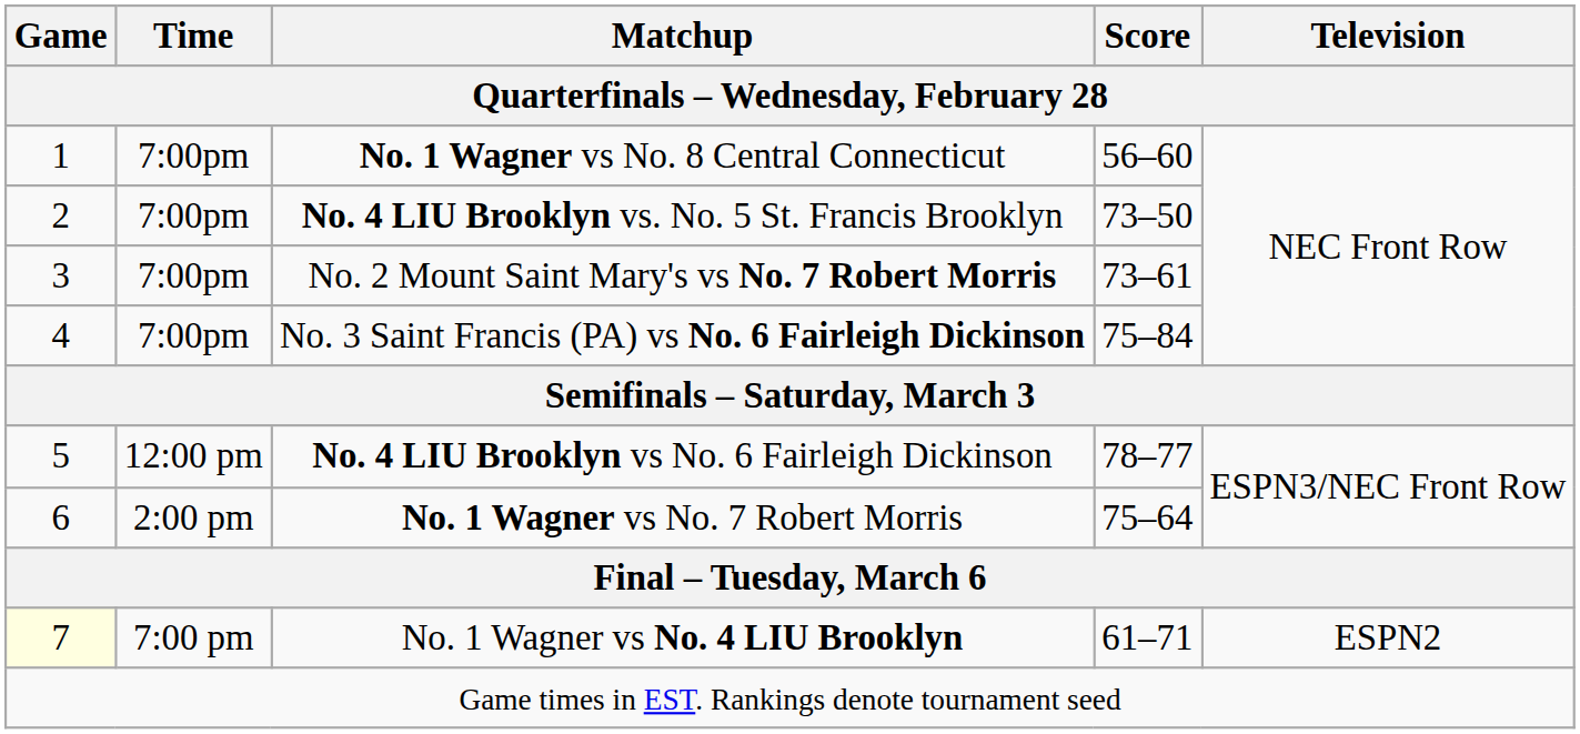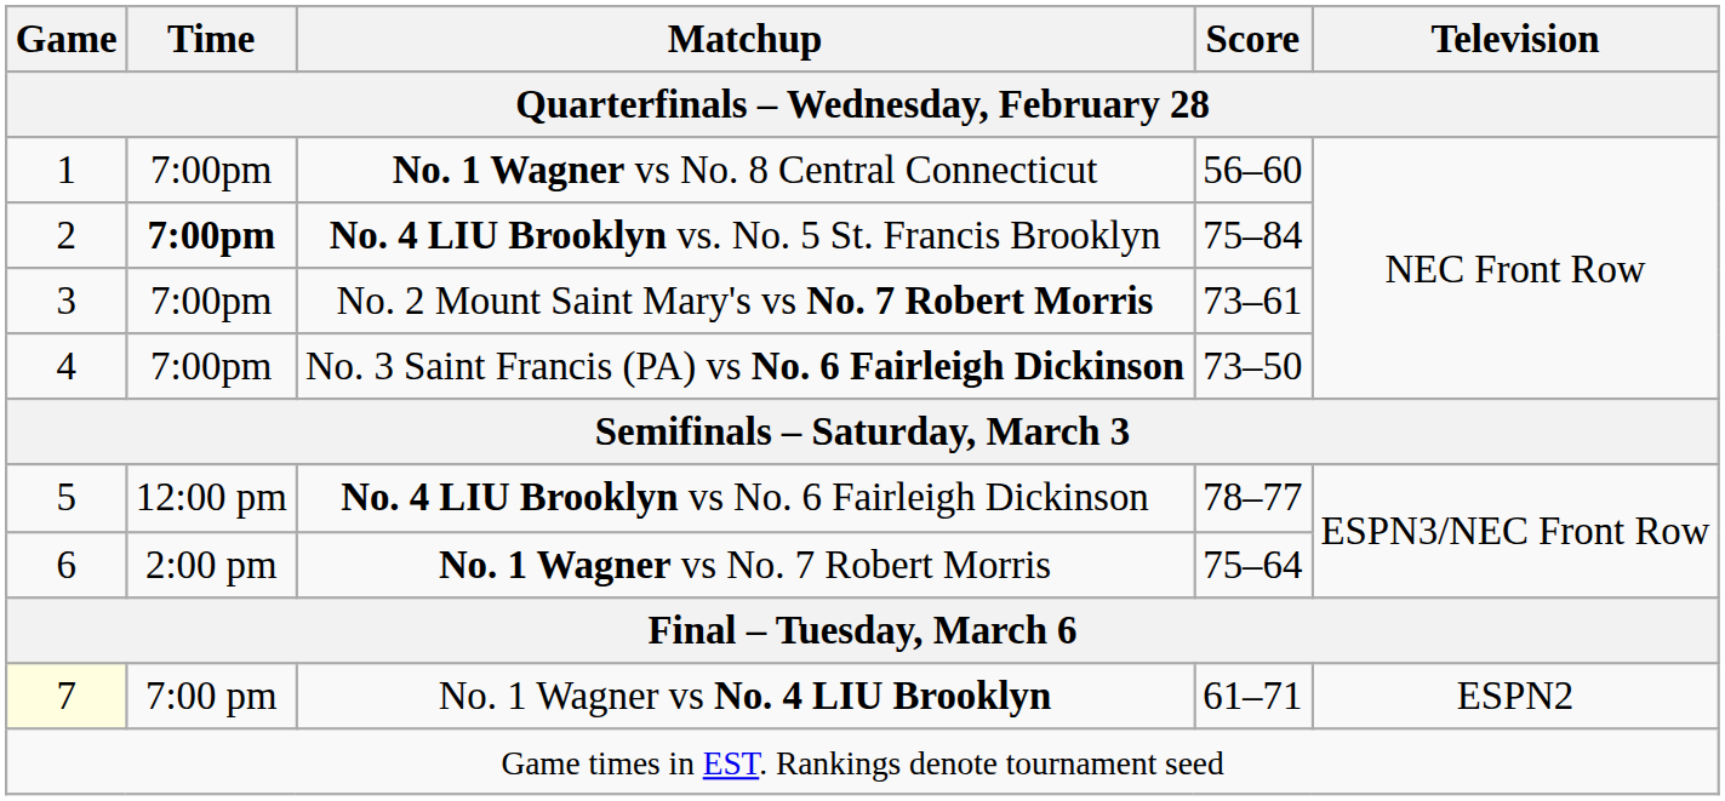 <table class="wikitable" style="font-size: 95%;text-align:center">
 <tr>
 <th>Game</th>
 <th>Time</th>
 <th>Matchup</th>
 <th>Score</th>
 <th>Television</th>
 </tr>
 <tr>
 <th colspan=5>Quarterfinals – Wednesday, February 28</th>
 </tr>
 <tr>
 <td>1</td>
 <td>7:00pm</td>
 <td><strong>No. 1 Wagner</strong> vs No. 8 Central Connecticut</td>
 <td>56–60</td>
 <td rowspan=4>NEC Front Row</td>
 </tr>
 <tr>
 <td>2</td>
-<td>7:00pm</td>
+<td><strong>7:00pm</strong></td>
 <td><strong>No. 4 LIU Brooklyn</strong> vs. No. 5 St. Francis Brooklyn</td>
-<td>73–50</td>
+<td>75–84</td>
 </tr>
 <tr>
 <td>3</td>
 <td>7:00pm</td>
 <td>No. 2 Mount Saint Mary's vs <strong>No. 7 Robert Morris</strong></td>
 <td>73–61</td>
 </tr>
 <tr>
 <td>4</td>
 <td>7:00pm</td>
 <td>No. 3 Saint Francis (PA) vs <strong>No. 6 Fairleigh Dickinson</strong></td>
-<td>75–84</td>
+<td>73–50</td>
 </tr>
 <tr>
 <th colspan=5>Semifinals – Saturday, March 3</th>
 </tr>
 <tr>
 <td>5</td>
 <td>12:00 pm</td>
 <td><strong>No. 4 LIU Brooklyn</strong> vs No. 6 Fairleigh Dickinson</td>
 <td>78–77</td>
 <td rowspan=2>ESPN3/NEC Front Row</td>
 </tr>
 <tr>
 <td>6</td>
 <td>2:00 pm</td>
 <td><strong>No. 1 Wagner</strong> vs No. 7 Robert Morris</td>
 <td>75–64</td>
 </tr>
 <tr>
 <th colspan=5>Final – Tuesday, March 6</th>
 </tr>
 <tr>
 <td style="background: lightyellow;">7</td>
 <td>7:00 pm</td>
 <td>No. 1 Wagner vs <strong>No. 4 LIU Brooklyn</strong></td>
 <td>61–71</td>
 <td>ESPN2</td>
 </tr>
 <tr>
 <td colspan=5><small>Game times in <a href='#'>EST</a>. Rankings denote tournament seed</small></td>
 </tr>
 </table>
